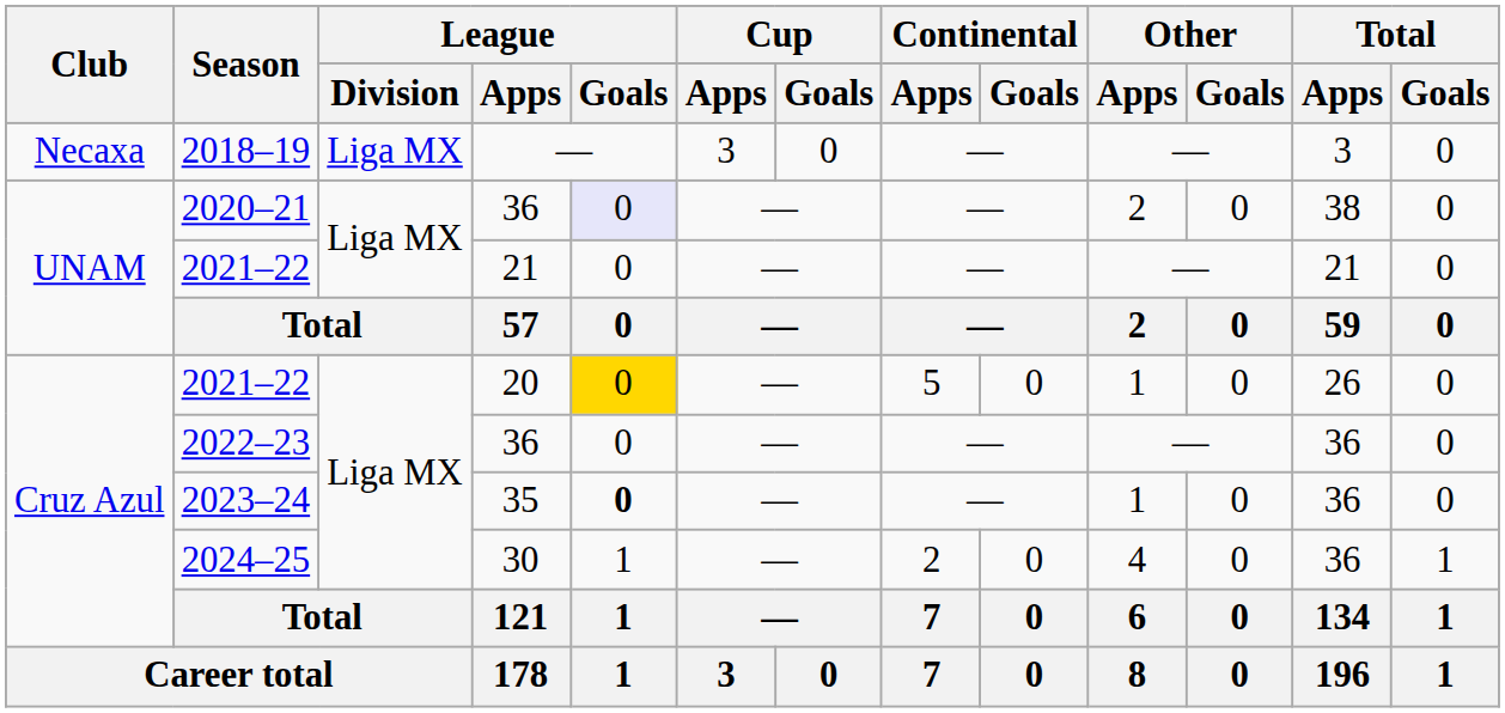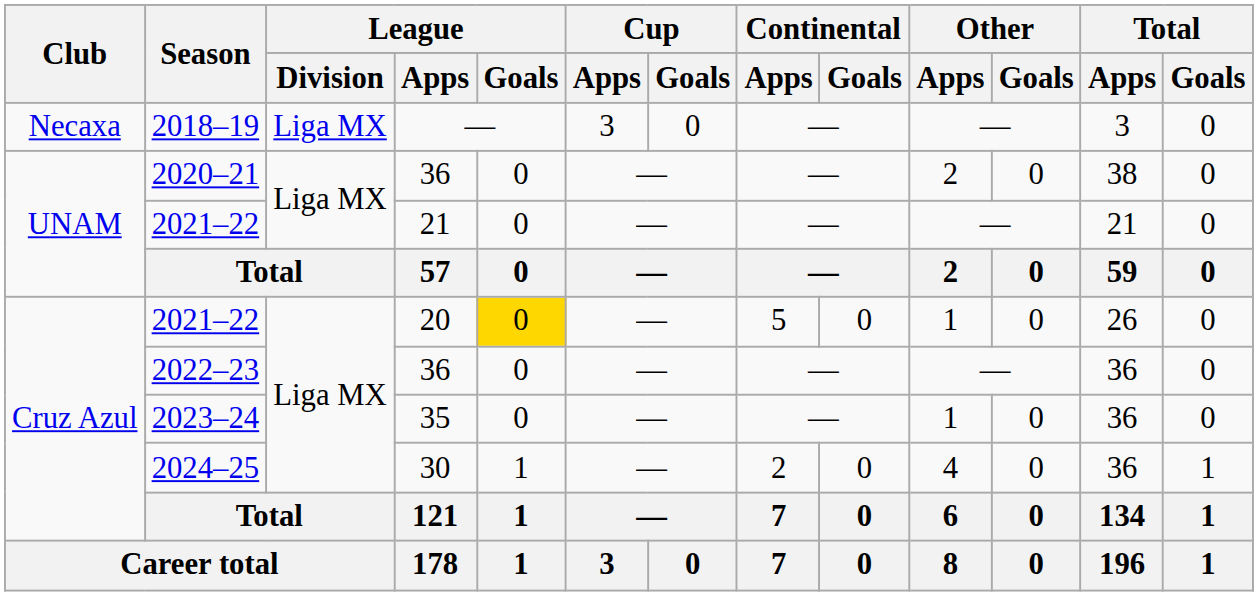 <table class="wikitable" style="text-align: center">
 <tr>
 <th rowspan="2">Club</th>
 <th rowspan="2">Season</th>
 <th colspan="3">League</th>
 <th colspan="2">Cup</th>
 <th colspan="2">Continental</th>
 <th colspan="2">Other</th>
 <th colspan="2">Total</th>
 </tr>
 <tr>
 <th>Division</th>
 <th>Apps</th>
 <th>Goals</th>
 <th>Apps</th>
 <th>Goals</th>
 <th>Apps</th>
 <th>Goals</th>
 <th>Apps</th>
 <th>Goals</th>
 <th>Apps</th>
 <th>Goals</th>
 </tr>
 <tr>
 <td><a href='#'>Necaxa</a></td>
 <td><a href='#'>2018–19</a></td>
 <td><a href='#'>Liga MX</a></td>
 <td colspan="2">—</td>
 <td>3</td>
 <td>0</td>
 <td colspan="2">—</td>
 <td colspan="2">—</td>
 <td>3</td>
 <td>0</td>
 </tr>
 <tr>
 <td rowspan="3"><a href='#'>UNAM</a></td>
 <td><a href='#'>2020–21</a></td>
 <td rowspan="2">Liga MX</td>
 <td>36</td>
-<td style="background: lavender;">0</td>
+<td>0</td>
 <td colspan=2>—</td>
 <td colspan="2">—</td>
 <td>2</td>
 <td>0</td>
 <td>38</td>
 <td>0</td>
 </tr>
 <tr>
 <td><a href='#'>2021–22</a></td>
 <td>21</td>
 <td>0</td>
 <td colspan=2>—</td>
 <td colspan="2">—</td>
 <td colspan="2">—</td>
 <td>21</td>
 <td>0</td>
 </tr>
 <tr>
 <th colspan="2">Total</th>
 <th>57</th>
 <th>0</th>
 <th colspan="2">—</th>
 <th colspan="2">—</th>
 <th>2</th>
 <th>0</th>
 <th>59</th>
 <th>0</th>
 </tr>
 <tr>
 <td rowspan="5"><a href='#'>Cruz Azul</a></td>
 <td><a href='#'>2021–22</a></td>
 <td rowspan="4">Liga MX</td>
 <td>20</td>
 <td style="background: gold;">0</td>
 <td colspan=2>—</td>
 <td>5</td>
 <td>0</td>
 <td>1</td>
 <td>0</td>
 <td>26</td>
 <td>0</td>
 </tr>
 <tr>
 <td><a href='#'>2022–23</a></td>
 <td>36</td>
 <td>0</td>
 <td colspan=2>—</td>
 <td colspan="2">—</td>
 <td colspan="2">—</td>
 <td>36</td>
 <td>0</td>
 </tr>
 <tr>
 <td><a href='#'>2023–24</a></td>
 <td>35</td>
-<td><strong>0</strong></td>
+<td>0</td>
 <td colspan=2>—</td>
 <td colspan="2">—</td>
 <td>1</td>
 <td>0</td>
 <td>36</td>
 <td>0</td>
 </tr>
 <tr>
 <td><a href='#'>2024–25</a></td>
 <td>30</td>
 <td>1</td>
 <td colspan="2">—</td>
 <td>2</td>
 <td>0</td>
 <td>4</td>
 <td>0</td>
 <td>36</td>
 <td>1</td>
 </tr>
 <tr>
 <th colspan="2">Total</th>
 <th>121</th>
 <th>1</th>
 <th colspan="2">—</th>
 <th>7</th>
 <th>0</th>
 <th>6</th>
 <th>0</th>
 <th>134</th>
 <th>1</th>
 </tr>
 <tr>
 <th colspan="3"><strong>Career total</strong></th>
 <th>178</th>
 <th>1</th>
 <th>3</th>
 <th>0</th>
 <th>7</th>
 <th>0</th>
 <th>8</th>
 <th>0</th>
 <th>196</th>
 <th>1</th>
 </tr>
 </table>
